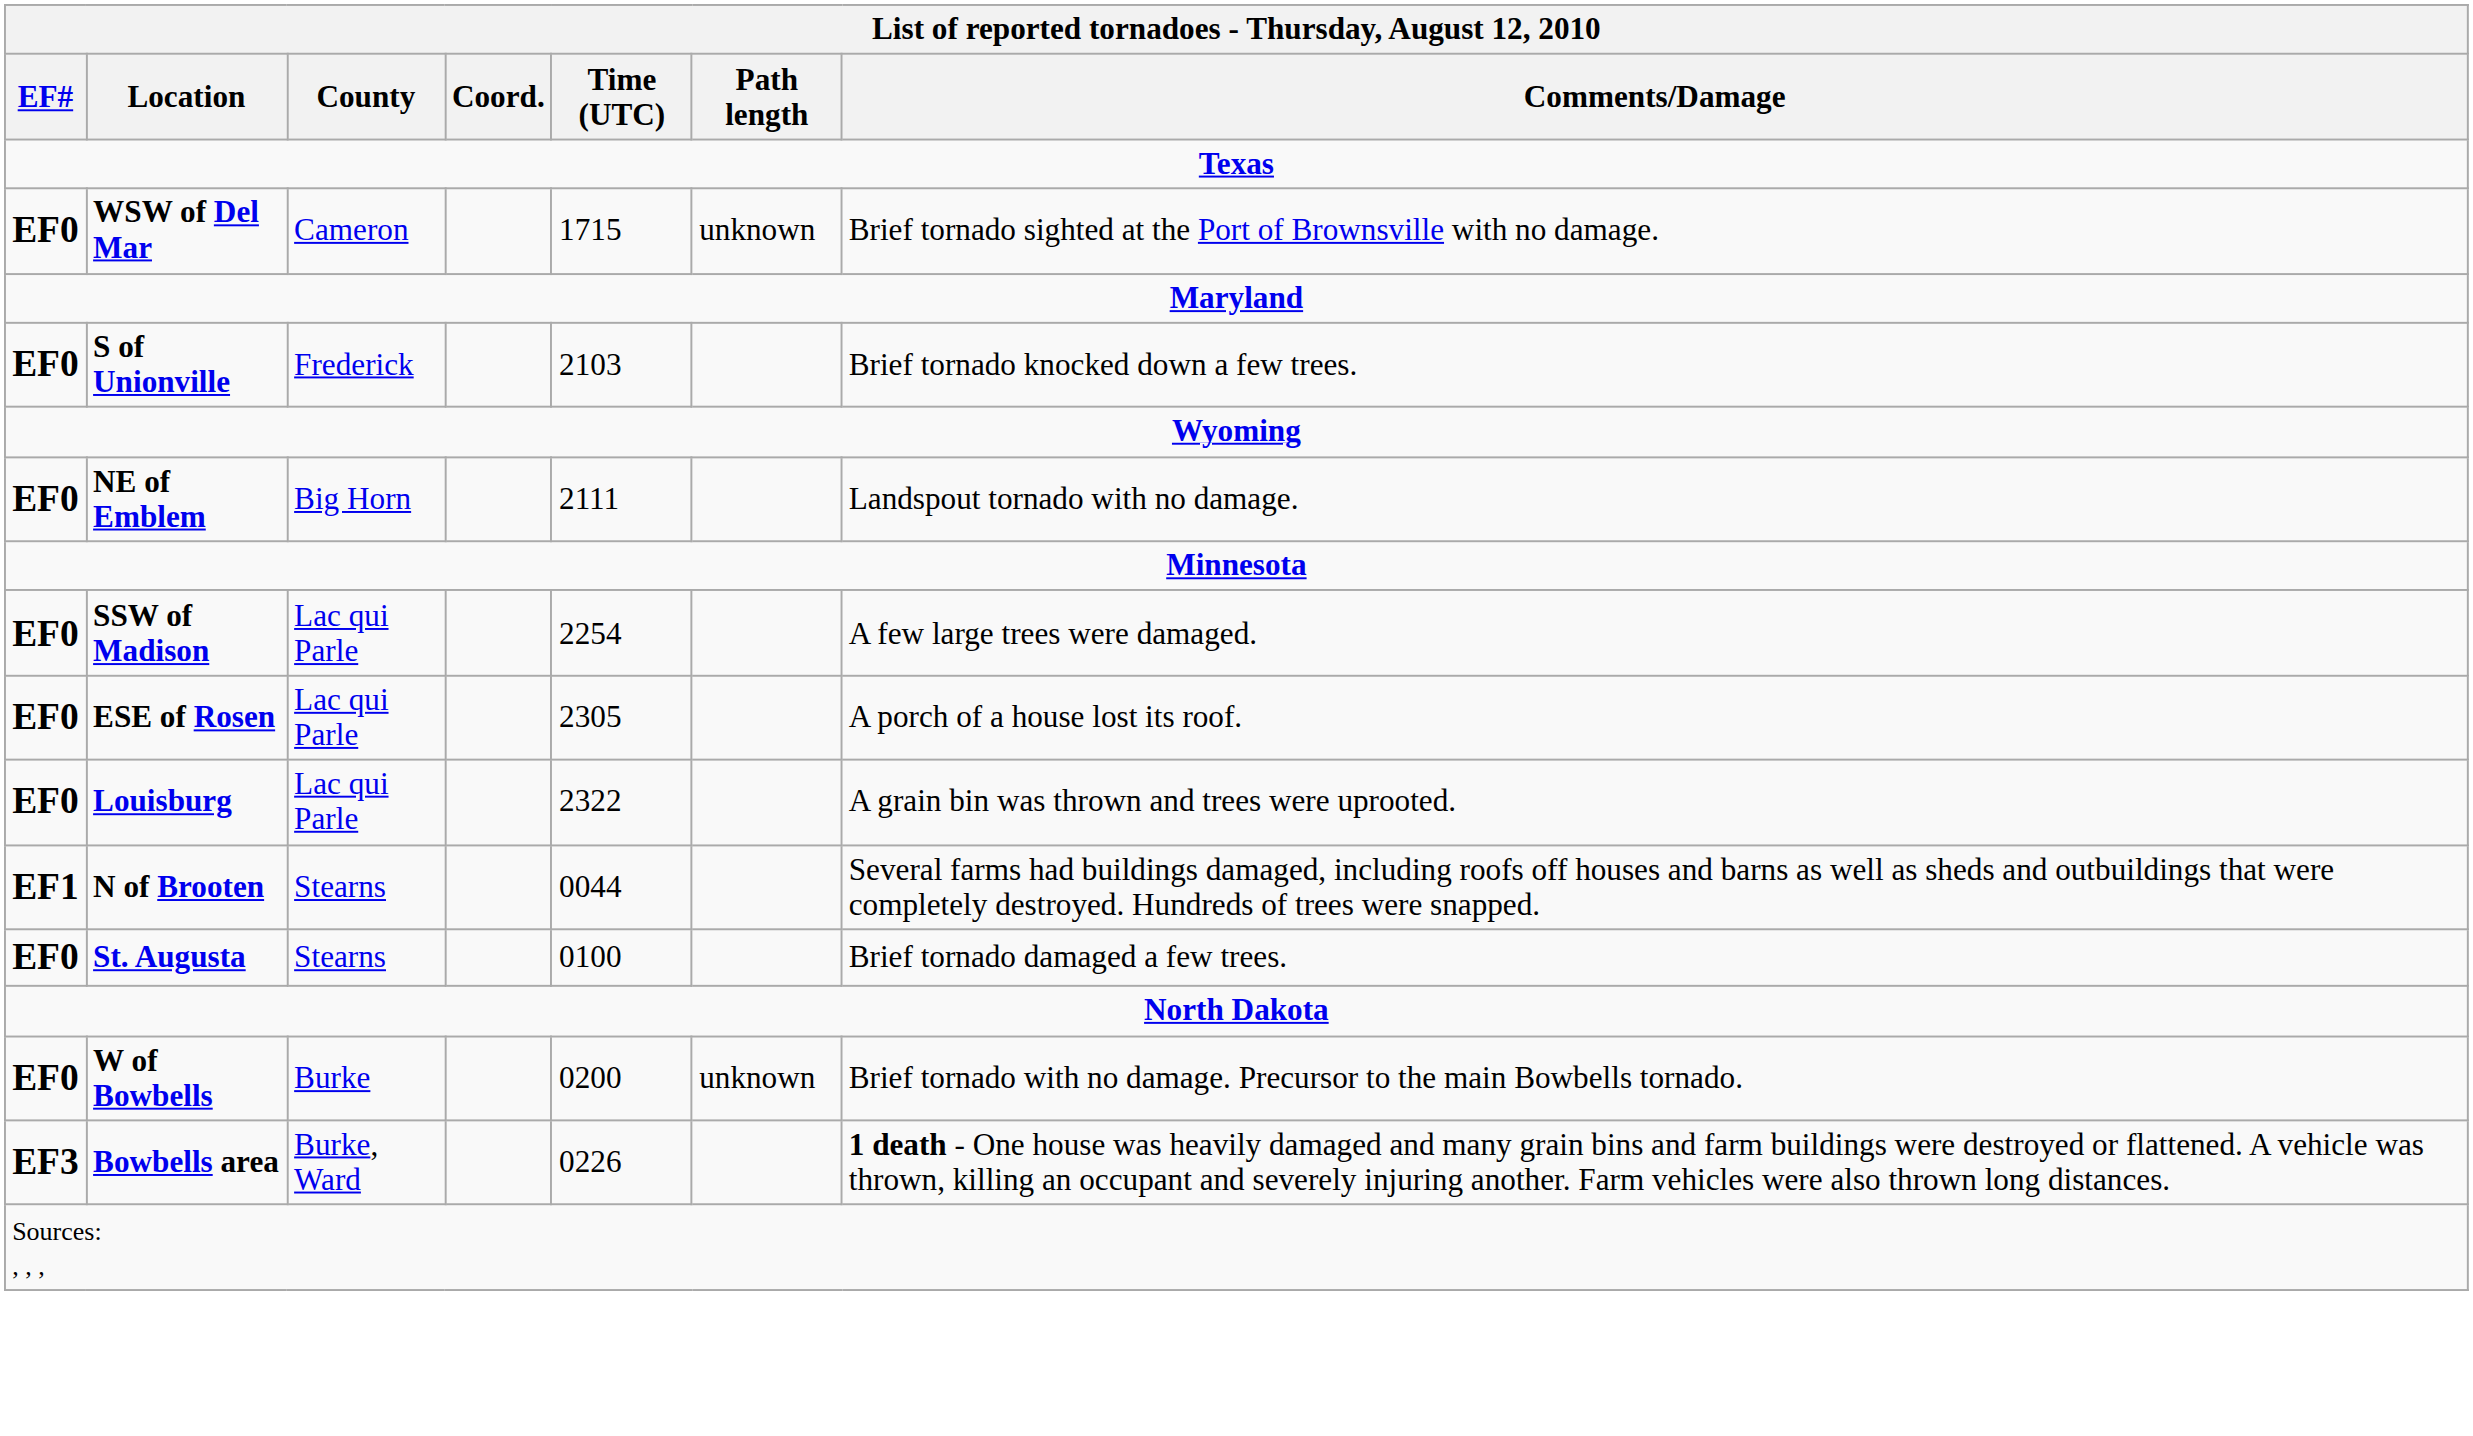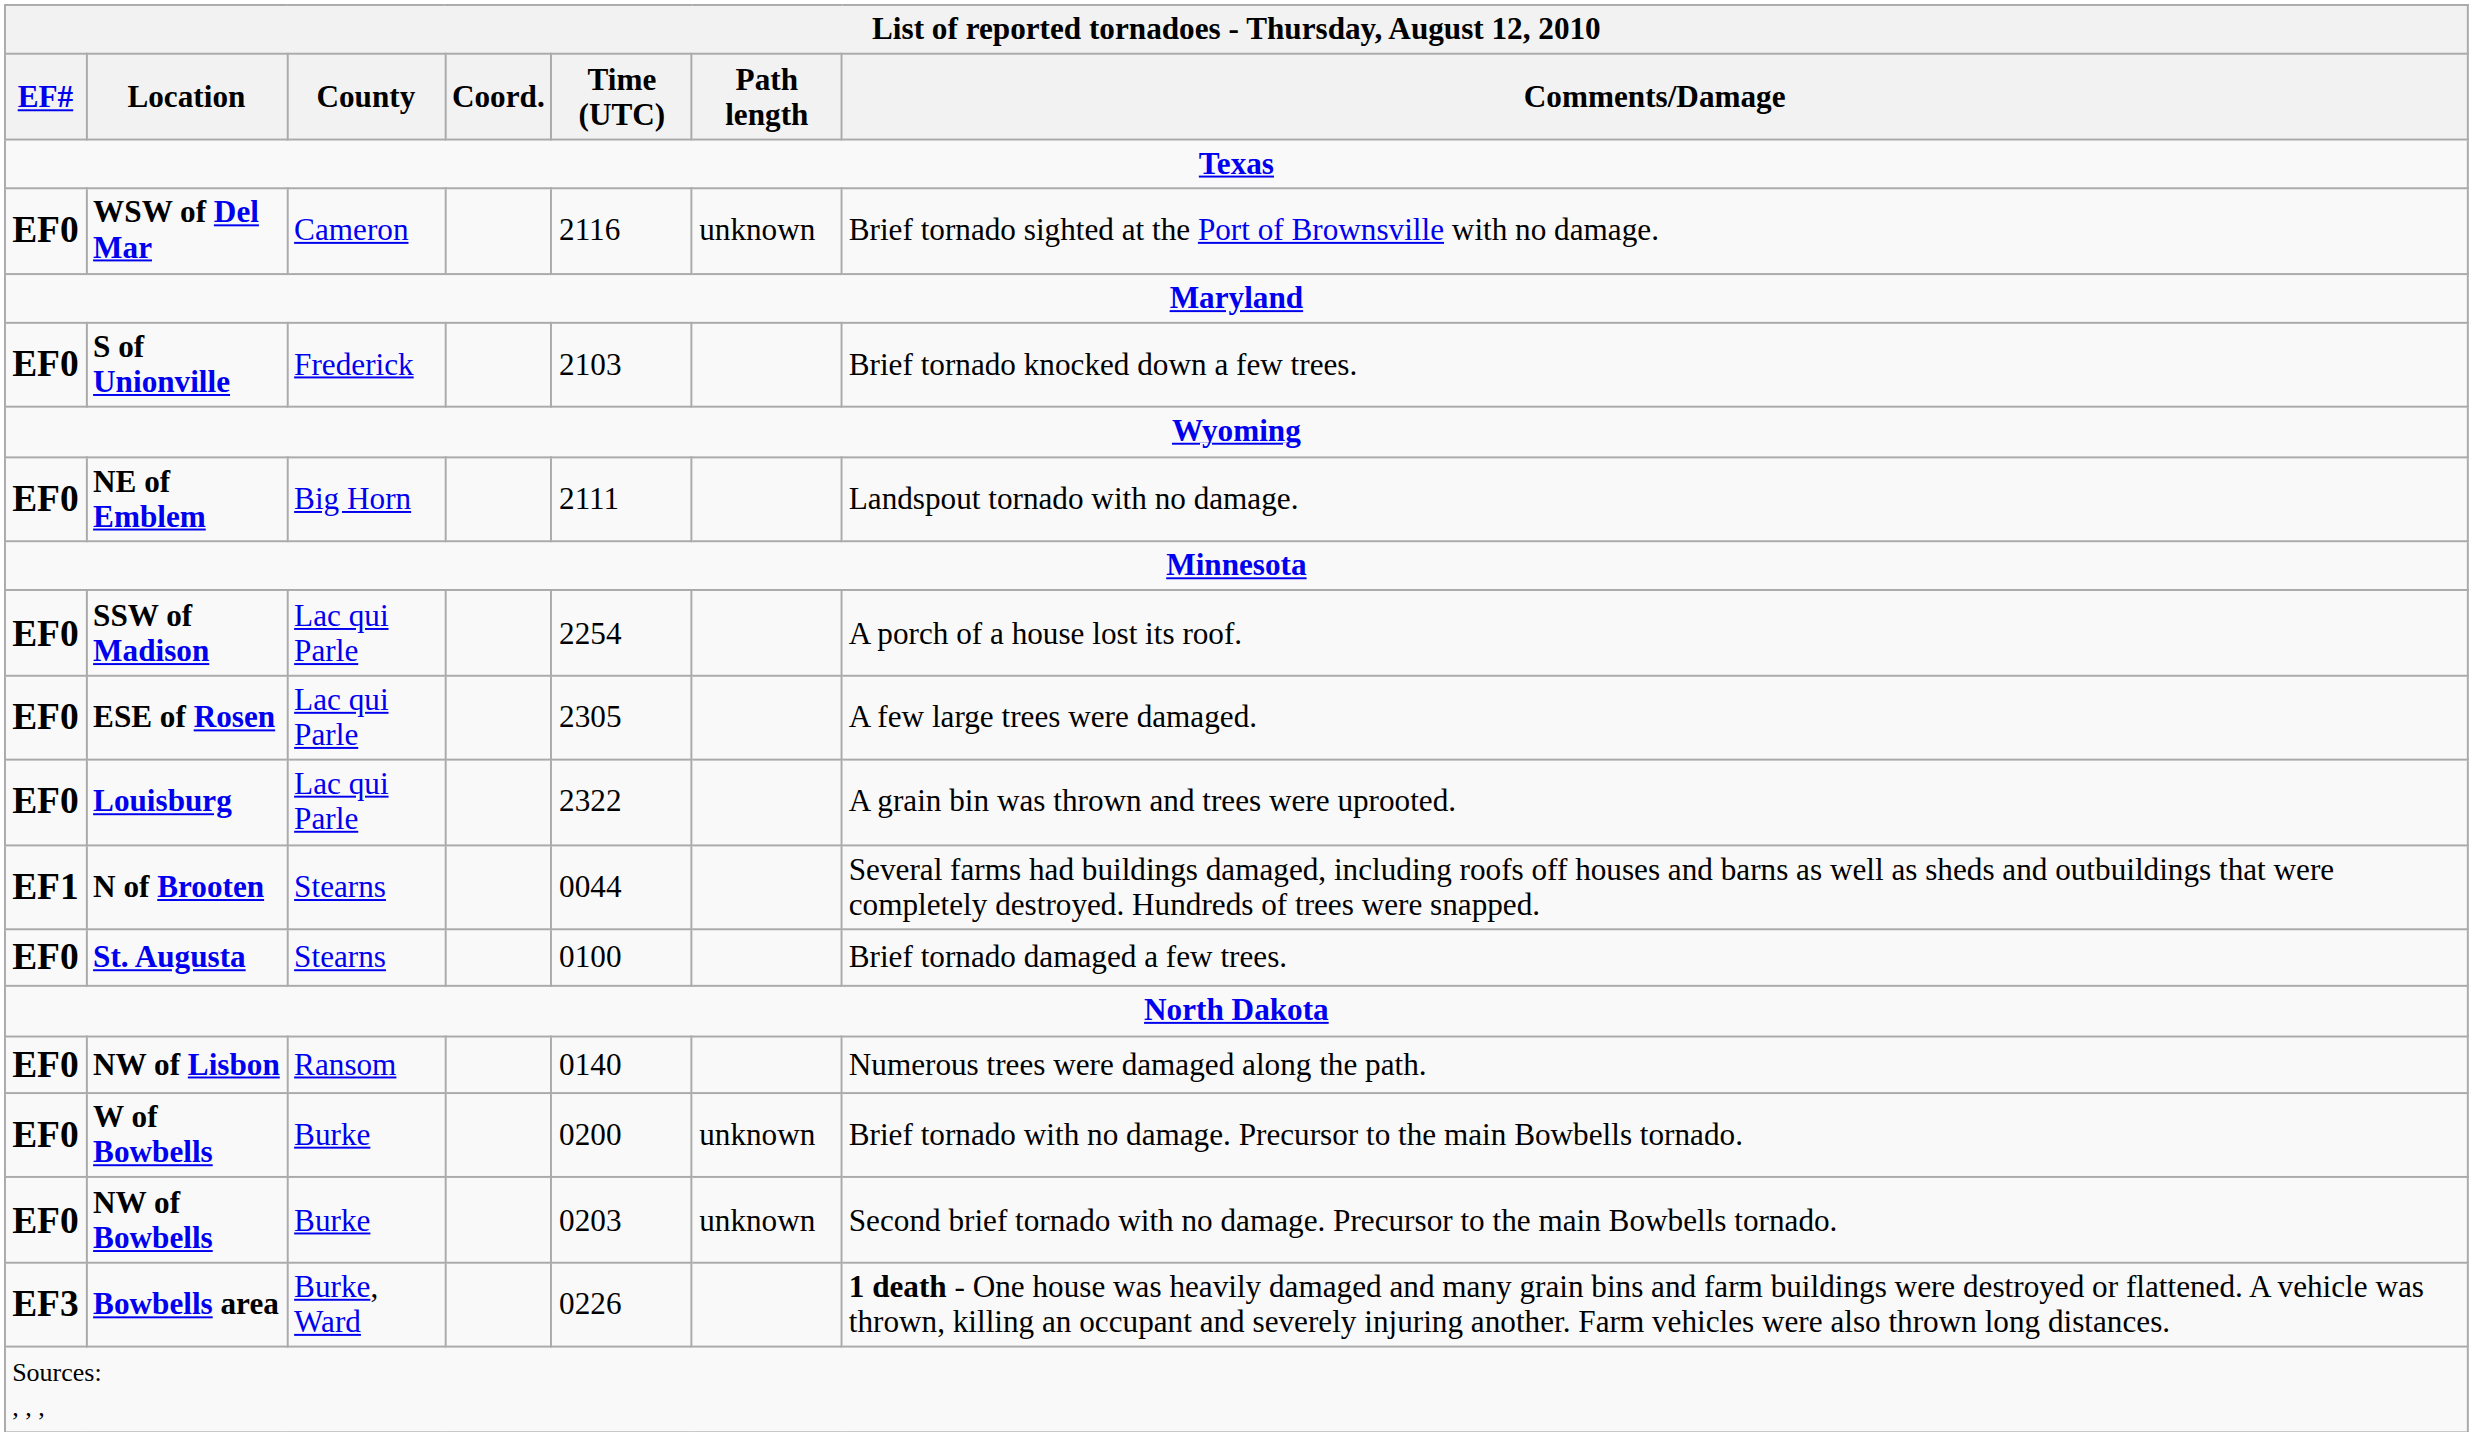 <table class="wikitable collapsible" width="100%">
 <tr>
 <th colspan="7">List of reported tornadoes - Thursday, August 12, 2010</th>
 </tr>
 <tr>
 <th><a href='#'>EF#</a></th>
 <th>Location</th>
 <th>County</th>
 <th>Coord.</th>
 <th>Time (UTC)</th>
 <th>Path length</th>
 <th>Comments/Damage</th>
 </tr>
 <tr>
 <td colspan="7" align=center><strong><a href='#'>Texas</a></strong></td>
 </tr>
 <tr>
 <td><big><strong>EF0</strong></big></td>
 <td><strong>WSW of <a href='#'>Del Mar</a></strong></td>
 <td><a href='#'>Cameron</a></td>
 <td></td>
-<td>1715</td>
+<td>2116</td>
 <td>unknown</td>
 <td>Brief tornado sighted at the <a href='#'>Port of Brownsville</a> with no damage.</td>
 </tr>
 <tr>
 <td colspan="7" align=center><strong><a href='#'>Maryland</a></strong></td>
 </tr>
 <tr>
 <td><big><strong>EF0</strong></big></td>
 <td><strong>S of <a href='#'>Unionville</a></strong></td>
 <td><a href='#'>Frederick</a></td>
 <td></td>
 <td>2103</td>
 <td></td>
 <td>Brief tornado knocked down a few trees.</td>
 </tr>
 <tr>
 <td colspan="7" align=center><strong><a href='#'>Wyoming</a></strong></td>
 </tr>
 <tr>
 <td><big><strong>EF0</strong></big></td>
 <td><strong>NE of <a href='#'>Emblem</a></strong></td>
 <td><a href='#'>Big Horn</a></td>
 <td></td>
 <td>2111</td>
 <td></td>
 <td>Landspout tornado with no damage.</td>
 </tr>
 <tr>
 <td colspan="7" align=center><strong><a href='#'>Minnesota</a></strong></td>
 </tr>
 <tr>
 <td><big><strong>EF0</strong></big></td>
 <td><strong>SSW of <a href='#'>Madison</a></strong></td>
 <td><a href='#'>Lac qui Parle</a></td>
 <td></td>
 <td>2254</td>
 <td></td>
-<td>A few large trees were damaged.</td>
+<td>A porch of a house lost its roof.</td>
 </tr>
 <tr>
 <td><big><strong>EF0</strong></big></td>
 <td><strong>ESE of <a href='#'>Rosen</a></strong></td>
 <td><a href='#'>Lac qui Parle</a></td>
 <td></td>
 <td>2305</td>
 <td></td>
-<td>A porch of a house lost its roof.</td>
+<td>A few large trees were damaged.</td>
 </tr>
 <tr>
 <td><big><strong>EF0</strong></big></td>
 <td><strong><a href='#'>Louisburg</a></strong></td>
 <td><a href='#'>Lac qui Parle</a></td>
 <td></td>
 <td>2322</td>
 <td></td>
 <td>A grain bin was thrown and trees were uprooted.</td>
 </tr>
 <tr>
 <td><big><strong>EF1</strong></big></td>
 <td><strong>N of <a href='#'>Brooten</a></strong></td>
 <td><a href='#'>Stearns</a></td>
 <td></td>
 <td>0044</td>
 <td></td>
 <td>Several farms had buildings damaged, including roofs off houses and barns as well as sheds and outbuildings that were completely destroyed. Hundreds of trees were snapped.</td>
 </tr>
 <tr>
 <td><big><strong>EF0</strong></big></td>
 <td><strong><a href='#'>St. Augusta</a></strong></td>
 <td><a href='#'>Stearns</a></td>
 <td></td>
 <td>0100</td>
 <td></td>
 <td>Brief tornado damaged a few trees.</td>
 </tr>
 <tr>
 <td colspan="7" align=center><strong><a href='#'>North Dakota</a></strong></td>
 </tr>
 <tr>
 <td><big><strong>EF0</strong></big></td>
+<td><strong>NW of <a href='#'>Lisbon</a></strong></td>
+<td><a href='#'>Ransom</a></td>
+<td></td>
+<td>0140</td>
+<td></td>
+<td>Numerous trees were damaged along the path.</td>
+</tr>
+<tr>
+<td><big><strong>EF0</strong></big></td>
 <td><strong>W of <a href='#'>Bowbells</a></strong></td>
 <td><a href='#'>Burke</a></td>
 <td></td>
 <td>0200</td>
 <td>unknown</td>
 <td>Brief tornado with no damage. Precursor to the main Bowbells tornado.</td>
+</tr>
+<tr>
+<td><big><strong>EF0</strong></big></td>
+<td><strong>NW of <a href='#'>Bowbells</a></strong></td>
+<td><a href='#'>Burke</a></td>
+<td></td>
+<td>0203</td>
+<td>unknown</td>
+<td>Second brief tornado with no damage. Precursor to the main Bowbells tornado.</td>
 </tr>
 <tr>
 <td><big><strong>EF3</strong></big></td>
 <td><strong><a href='#'>Bowbells</a> area</strong></td>
 <td><a href='#'>Burke</a>, <a href='#'>Ward</a></td>
 <td></td>
 <td>0226</td>
 <td></td>
 <td><strong>1 death</strong> - One house was heavily damaged and many grain bins and farm buildings were destroyed or flattened. A vehicle was thrown, killing an occupant and severely injuring another. Farm vehicles were also thrown long distances.</td>
 </tr>
 <tr>
 <td colspan="7"><small>Sources:<br>, , , </small></td>
 </tr>
 </table>
